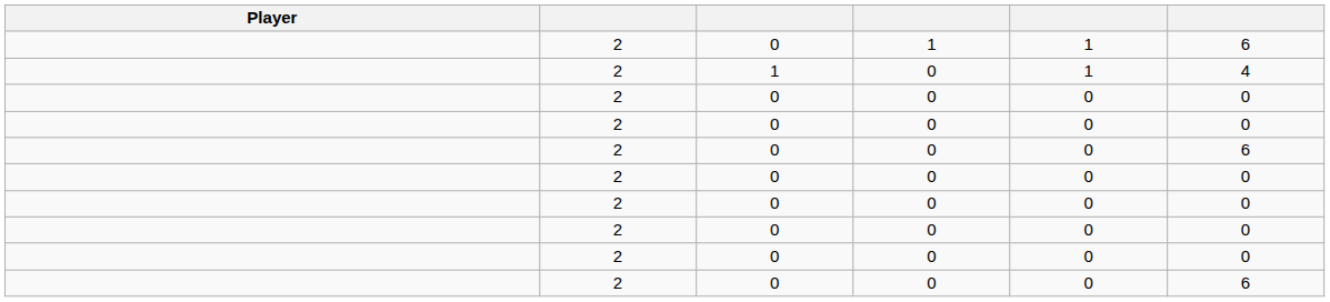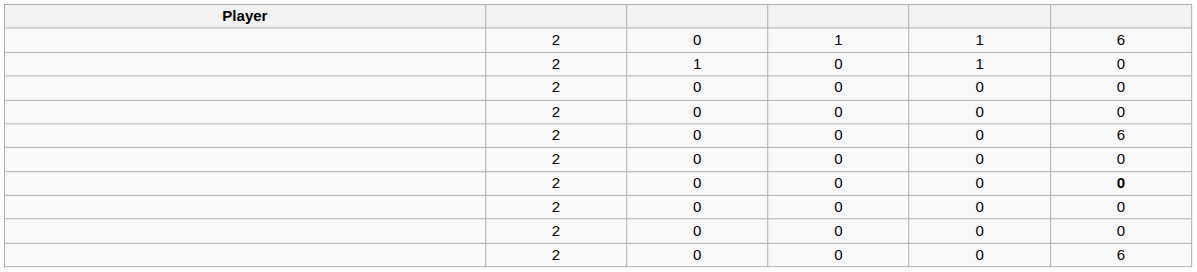 <table class="wikitable sortable" style="width:100%;">
 <tr align=center>
 <th>Player</th>
 <th></th>
 <th></th>
 <th></th>
 <th></th>
 <th></th>
 </tr>
 <tr align=center>
 <td></td>
 <td>2</td>
 <td>0</td>
 <td>1</td>
 <td>1</td>
 <td>6</td>
 </tr>
 <tr align=center>
 <td></td>
 <td>2</td>
 <td>1</td>
 <td>0</td>
 <td>1</td>
-<td>4</td>
+<td>0</td>
 </tr>
 <tr align=center>
 <td></td>
 <td>2</td>
 <td>0</td>
 <td>0</td>
 <td>0</td>
 <td>0</td>
 </tr>
 <tr align=center>
 <td></td>
 <td>2</td>
 <td>0</td>
 <td>0</td>
 <td>0</td>
 <td>0</td>
 </tr>
 <tr align=center>
 <td></td>
 <td>2</td>
 <td>0</td>
 <td>0</td>
 <td>0</td>
 <td>6</td>
 </tr>
 <tr align=center>
 <td></td>
 <td>2</td>
 <td>0</td>
 <td>0</td>
 <td>0</td>
 <td>0</td>
 </tr>
 <tr align=center>
 <td></td>
 <td>2</td>
 <td>0</td>
 <td>0</td>
 <td>0</td>
-<td>0</td>
+<td><strong>0</strong></td>
 </tr>
 <tr align=center>
 <td></td>
 <td>2</td>
 <td>0</td>
 <td>0</td>
 <td>0</td>
 <td>0</td>
 </tr>
 <tr align=center>
 <td></td>
 <td>2</td>
 <td>0</td>
 <td>0</td>
 <td>0</td>
 <td>0</td>
 </tr>
 <tr align=center>
 <td></td>
 <td>2</td>
 <td>0</td>
 <td>0</td>
 <td>0</td>
 <td>6</td>
 </tr>
 </table>
